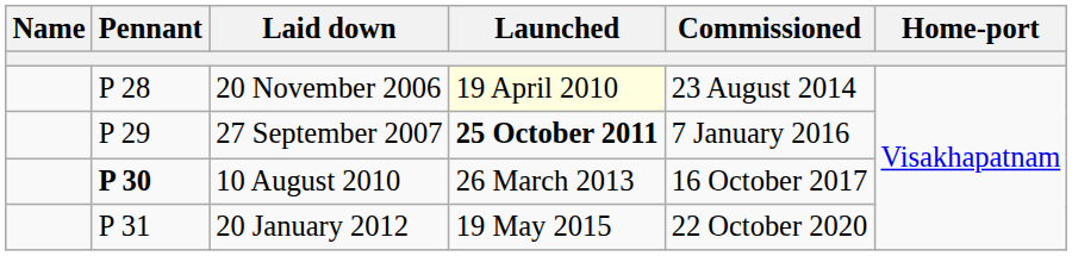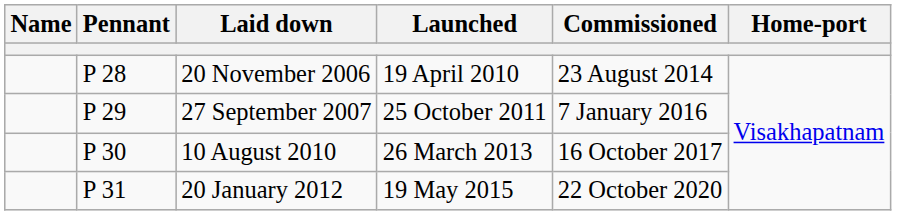 <table class="wikitable">
 <tr>
 <th>Name</th>
 <th>Pennant</th>
 <th>Laid down</th>
 <th>Launched</th>
 <th>Commissioned</th>
 <th>Home-port</th>
 </tr>
 <tr>
 <th colspan=6></th>
 </tr>
 <tr>
 <td></td>
 <td>P 28</td>
 <td>20 November 2006</td>
-<td style="background: lightyellow;">19 April 2010</td>
+<td>19 April 2010</td>
 <td>23 August 2014</td>
 <td rowspan="4"><a href='#'>Visakhapatnam</a></td>
 </tr>
 <tr>
 <td></td>
 <td>P 29</td>
 <td>27 September 2007</td>
-<td><strong>25 October 2011</strong></td>
+<td>25 October 2011</td>
 <td>7 January 2016</td>
 </tr>
 <tr>
 <td></td>
-<td><strong>P 30</strong></td>
+<td>P 30</td>
 <td>10 August 2010</td>
 <td>26 March 2013</td>
 <td>16 October 2017</td>
 </tr>
 <tr>
 <td></td>
 <td>P 31</td>
 <td>20 January 2012</td>
 <td>19 May 2015</td>
 <td>22 October 2020</td>
 </tr>
 </table>
